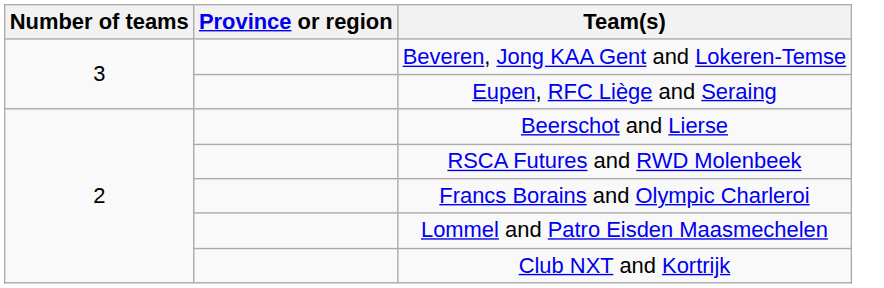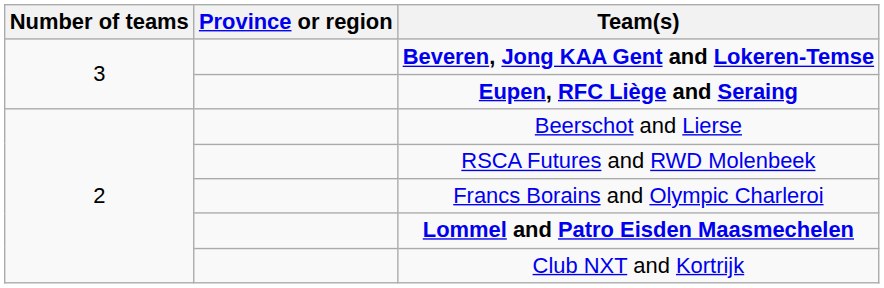 <table class="wikitable" style="text-align:center">
 <tr>
 <th>Number of teams</th>
 <th><a href='#'>Province</a> or region</th>
 <th>Team(s)</th>
 </tr>
 <tr>
 <td rowspan=2>3</td>
 <td align="left"></td>
-<td><a href='#'>Beveren</a>, <a href='#'>Jong KAA Gent</a> and <a href='#'>Lokeren-Temse</a></td>
+<td><strong><a href='#'>Beveren</a>, <a href='#'>Jong KAA Gent</a> and <a href='#'>Lokeren-Temse</a></strong></td>
 </tr>
 <tr>
 <td align="left"></td>
-<td><a href='#'>Eupen</a>, <a href='#'>RFC Liège</a> and <a href='#'>Seraing</a></td>
+<td><strong><a href='#'>Eupen</a>, <a href='#'>RFC Liège</a> and <a href='#'>Seraing</a></strong></td>
 </tr>
 <tr>
 <td rowspan=5>2</td>
 <td align="left"></td>
 <td><a href='#'>Beerschot</a> and <a href='#'>Lierse</a></td>
 </tr>
 <tr>
 <td align="left"></td>
 <td><a href='#'>RSCA Futures</a> and <a href='#'>RWD Molenbeek</a></td>
 </tr>
 <tr>
 <td align="left"></td>
 <td><a href='#'>Francs Borains</a> and <a href='#'>Olympic Charleroi</a></td>
 </tr>
 <tr>
 <td align="left"></td>
-<td><a href='#'>Lommel</a> and <a href='#'>Patro Eisden Maasmechelen</a></td>
+<td><strong><a href='#'>Lommel</a> and <a href='#'>Patro Eisden Maasmechelen</a></strong></td>
 </tr>
 <tr>
 <td align="left"></td>
 <td><a href='#'>Club NXT</a> and <a href='#'>Kortrijk</a></td>
 </tr>
 </table>
